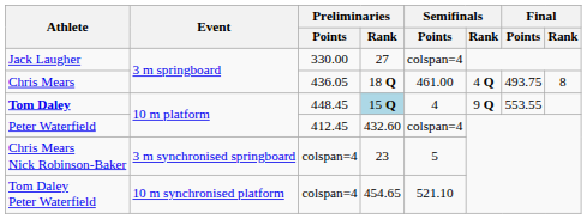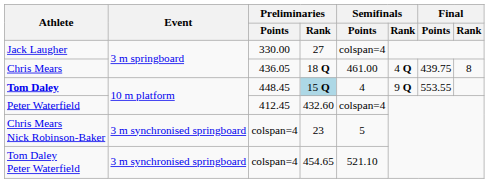 <table class="wikitable" style="text-align:center; font-size:90%;">
 <tr>
 <th rowspan=2>Athlete</th>
 <th rowspan=2>Event</th>
 <th colspan=2>Preliminaries</th>
 <th colspan=2>Semifinals</th>
 <th colspan=2>Final</th>
 </tr>
 <tr style="font-size:95%">
 <th>Points</th>
 <th>Rank</th>
 <th>Points</th>
 <th>Rank</th>
 <th>Points</th>
 <th>Rank</th>
 </tr>
 <tr>
 <td style="text-align:left;"><a href='#'>Jack Laugher</a></td>
 <td style="text-align:left;" rowspan="2"><a href='#'>3 m springboard</a></td>
 <td>330.00</td>
 <td>27</td>
 <td>colspan=4 </td>
 </tr>
 <tr align=center>
 <td style="text-align:left;"><a href='#'>Chris Mears</a></td>
 <td>436.05</td>
 <td>18 <strong>Q</strong></td>
 <td>461.00</td>
 <td>4 <strong>Q</strong></td>
-<td>493.75</td>
+<td>439.75</td>
 <td>8</td>
 </tr>
 <tr>
 <td style="text-align:left;"><strong><a href='#'>Tom Daley</a></strong></td>
 <td style="text-align:left;" rowspan="2"><a href='#'>10 m platform</a></td>
 <td>448.45</td>
 <td style="background: lightblue;">15 <strong>Q</strong></td>
 <td>4</td>
 <td>9 <strong>Q</strong></td>
 <td>553.55</td>
 <td></td>
 </tr>
 <tr>
 <td style="text-align:left;"><a href='#'>Peter Waterfield</a></td>
 <td>412.45</td>
 <td>432.60</td>
 <td>colspan=4 </td>
 </tr>
 <tr>
 <td style="text-align:left;"><a href='#'>Chris Mears</a><br><a href='#'>Nick Robinson-Baker</a></td>
 <td style="text-align:left;"><a href='#'>3 m synchronised springboard</a></td>
 <td>colspan=4 </td>
 <td>23</td>
 <td>5</td>
 </tr>
 <tr>
 <td style="text-align:left;"><a href='#'>Tom Daley</a><br><a href='#'>Peter Waterfield</a></td>
-<td style="text-align:left;"><a href='#'>10 m synchronised platform</a></td>
+<td style="text-align:left;"><a href='#'>3 m synchronised springboard</a></td>
 <td>colspan=4 </td>
 <td>454.65</td>
 <td>521.10</td>
 </tr>
 </table>
